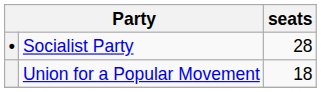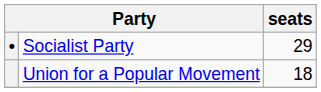 <table class="wikitable" style="font-size: 95%;">
 <tr>
 <th colspan=2>Party</th>
 <th>seats</th>
 </tr>
 <tr>
 <th style="background-color: "><span>•</span></th>
 <td><a href='#'>Socialist Party</a></td>
-<td align="right">28</td>
+<td align="right">29</td>
 </tr>
 <tr>
 <th style="background-color: "></th>
 <td><a href='#'>Union for a Popular Movement</a></td>
 <td align="right">18</td>
 </tr>
 <tr>
 </tr>
 </table>
